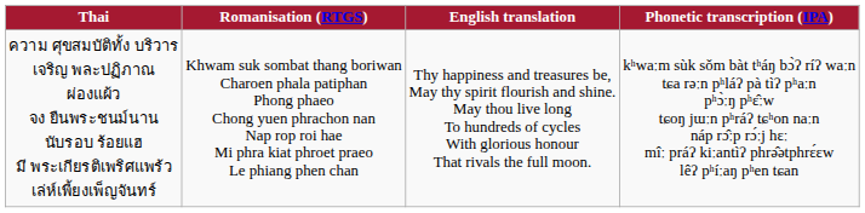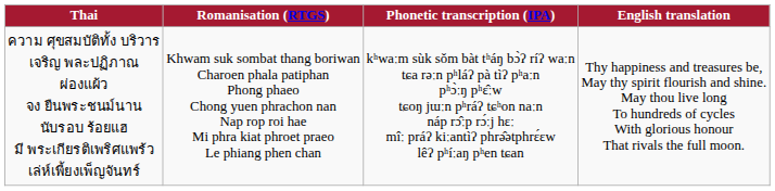 <table class="wikitable" rules="cols" style="text-align:center;">
 <tr>
 <th style="background-color:#A51931;color:#FFFFFF;">Thai</th>
 <th style="background-color:#A51931;color:#FFFFFF;">Romanisation (<a href='#'><span>RTGS</span></a>)</th>
+<th style="background-color:#A51931;color:#FFFFFF;">Phonetic transcription (<a href='#'><span>IPA</span></a>)</th>
 <th style="background-color:#A51931;color:#FFFFFF;">English translation</th>
-<th style="background-color:#A51931;color:#FFFFFF;">Phonetic transcription (<a href='#'><span>IPA</span></a>)</th>
 </tr>
 <tr>
 <td>ความ ศุขสมบัติทั้ง บริวาร<br>เจริญ พละปฏิภาณ<br>ผ่องแผ้ว<br>จง ยืนพระชนม์นาน<br>นับรอบ ร้อยแฮ<br>มี พระเกียรติเพริศแพร้ว<br>เล่ห์เพี้ยงเพ็ญจันทร์</td>
 <td>Khwam suk sombat thang boriwan<br>Charoen phala patiphan<br>Phong phaeo<br>Chong yuen phrachon nan<br>Nap rop roi hae<br>Mi phra kiat phroet praeo<br>Le phiang phen chan</td>
+<td>kʰwaːm sùk sǒm bàt tʰáŋ bɔ̀ʔ ríʔ waːn<br>tɕa rəːn pʰláʔ pà tìʔ pʰaːn<br>pʰɔ̀ːŋ pʰɛ̂ːw<br>tɕoŋ jɯːn pʰráʔ tɕʰon naːn<br>náp rɔ̂ːp rɔ́ːj hɛː<br>mîː práʔ kiːantìʔ phrə̂ətphrɛ́ɛw<br>lêʔ pʰíːaŋ pʰen tɕan</td>
 <td>Thy happiness and treasures be,<br>May thy spirit flourish and shine.<br>May thou live long<br>To hundreds of cycles<br>With glorious honour<br>That rivals the full moon.</td>
-<td>kʰwaːm sùk sǒm bàt tʰáŋ bɔ̀ʔ ríʔ waːn<br>tɕa rəːn pʰláʔ pà tìʔ pʰaːn<br>pʰɔ̀ːŋ pʰɛ̂ːw<br>tɕoŋ jɯːn pʰráʔ tɕʰon naːn<br>náp rɔ̂ːp rɔ́ːj hɛː<br>mîː práʔ kiːantìʔ phrə̂ətphrɛ́ɛw<br>lêʔ pʰíːaŋ pʰen tɕan</td>
 </tr>
 </table>
